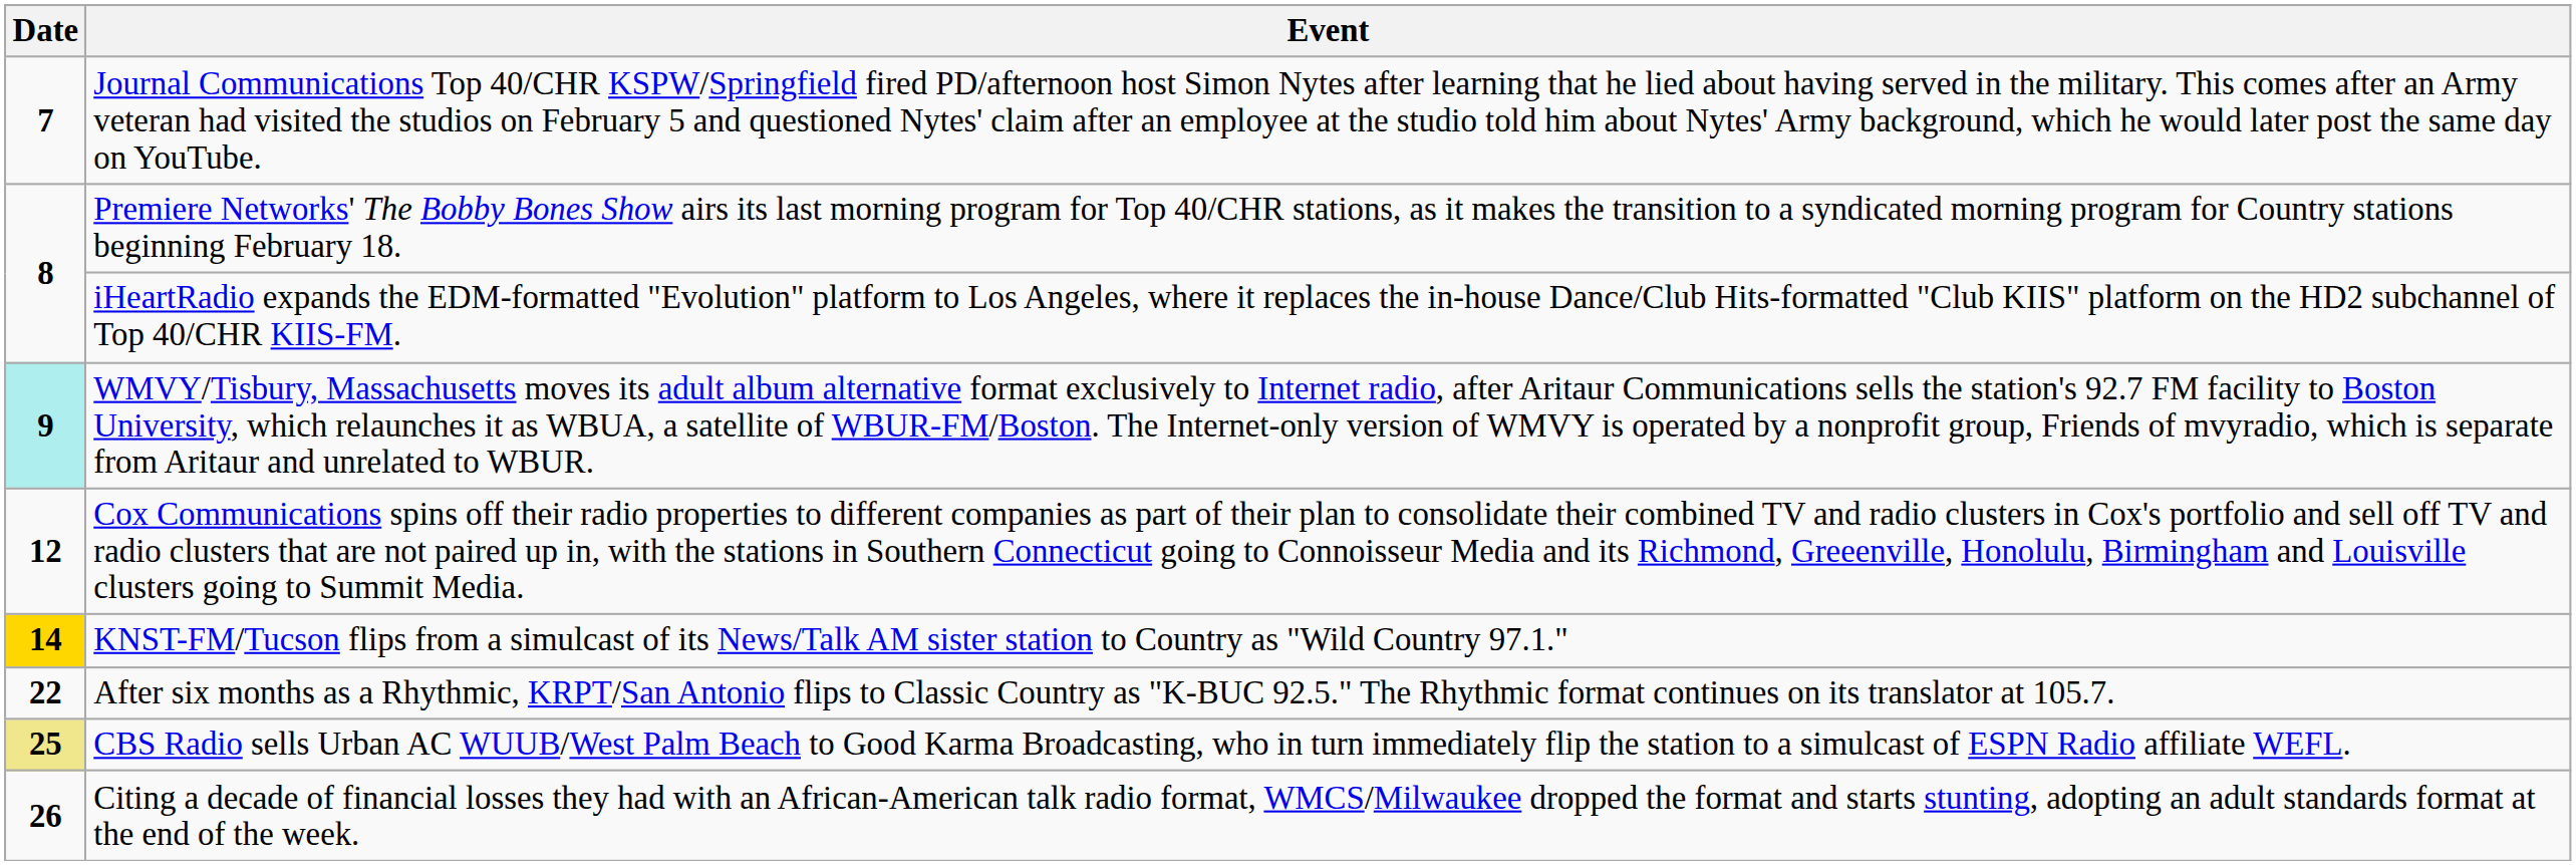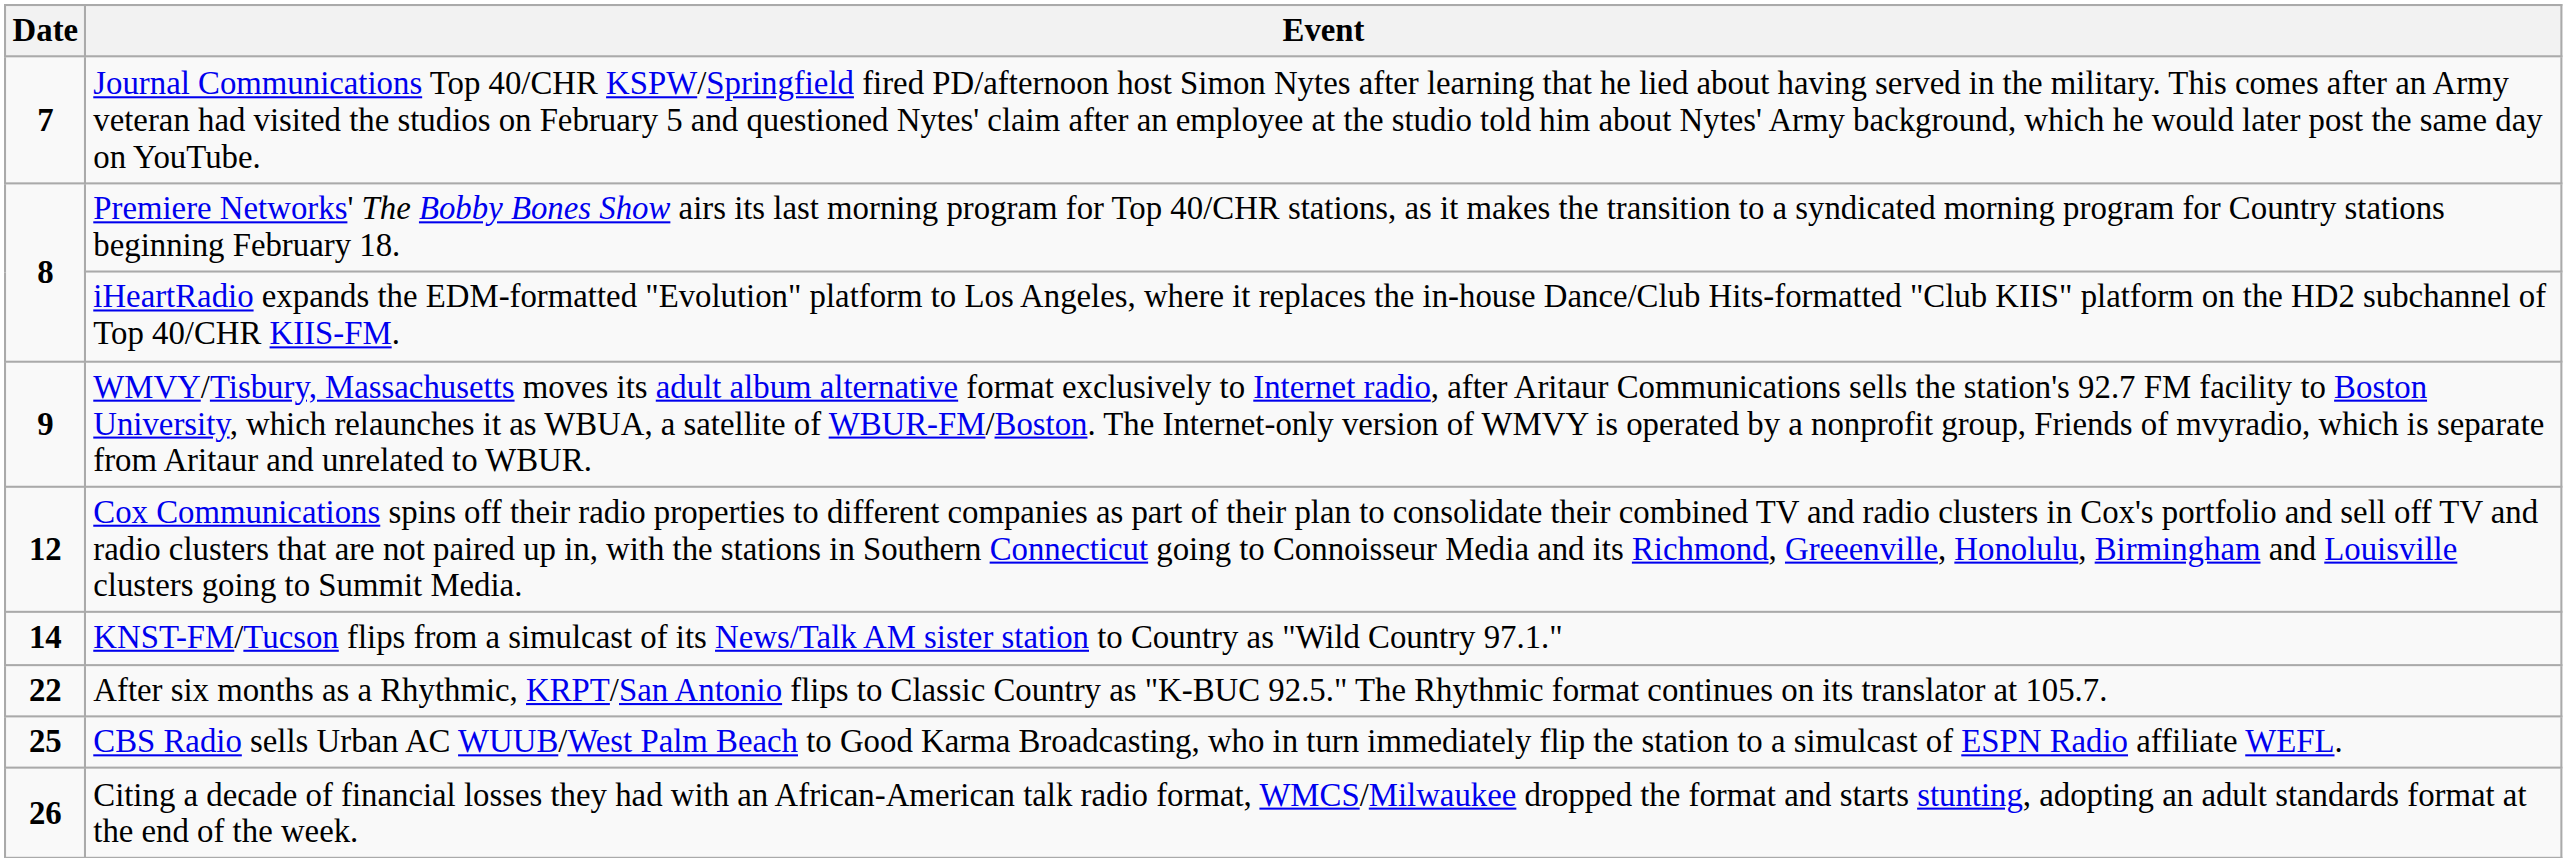 <table class="wikitable">
 <tr>
 <th>Date</th>
 <th>Event</th>
 </tr>
 <tr>
 <td style="text-align:center;"><strong>7</strong></td>
 <td><a href='#'>Journal Communications</a> Top 40/CHR <a href='#'>KSPW</a>/<a href='#'>Springfield</a> fired PD/afternoon host Simon Nytes after learning that he lied about having served in the military. This comes after an Army veteran had visited the studios on February 5 and questioned Nytes' claim after an employee at the studio told him about Nytes' Army background, which he would later post the same day on YouTube.</td>
 </tr>
 <tr>
 <td style="text-align:center;" rowspan=2><strong>8</strong></td>
 <td><a href='#'>Premiere Networks</a>' <em>The <a href='#'>Bobby Bones Show</a></em> airs its last morning program for Top 40/CHR stations, as it makes the transition to a syndicated morning program for Country stations beginning February 18.</td>
 </tr>
 <tr>
 <td><a href='#'>iHeartRadio</a> expands the EDM-formatted "Evolution" platform to Los Angeles, where it replaces the in-house Dance/Club Hits-formatted "Club KIIS" platform on the HD2 subchannel of Top 40/CHR <a href='#'>KIIS-FM</a>.</td>
 </tr>
 <tr>
-<td style="background: paleturquoise; text-align:center;"><strong>9</strong></td>
+<td style="text-align:center;"><strong>9</strong></td>
 <td><a href='#'>WMVY</a>/<a href='#'>Tisbury, Massachusetts</a> moves its <a href='#'>adult album alternative</a> format exclusively to <a href='#'>Internet radio</a>, after Aritaur Communications sells the station's 92.7 FM facility to <a href='#'>Boston University</a>, which relaunches it as WBUA, a satellite of <a href='#'>WBUR-FM</a>/<a href='#'>Boston</a>. The Internet-only version of WMVY is operated by a nonprofit group, Friends of mvyradio, which is separate from Aritaur and unrelated to WBUR.</td>
 </tr>
 <tr>
 <td style="text-align:center;"><strong>12</strong></td>
 <td><a href='#'>Cox Communications</a> spins off their radio properties to different companies as part of their plan to consolidate their combined TV and radio clusters in Cox's portfolio and sell off TV and radio clusters that are not paired up in, with the stations in Southern <a href='#'>Connecticut</a> going to Connoisseur Media and its <a href='#'>Richmond</a>, <a href='#'>Greeenville</a>, <a href='#'>Honolulu</a>, <a href='#'>Birmingham</a> and <a href='#'>Louisville</a> clusters going to Summit Media.</td>
 </tr>
 <tr>
-<td style="background: gold; text-align:center;"><strong>14</strong></td>
+<td style="text-align:center;"><strong>14</strong></td>
 <td><a href='#'>KNST-FM</a>/<a href='#'>Tucson</a> flips from a simulcast of its <a href='#'>News/Talk AM sister station</a> to Country as "Wild Country 97.1."</td>
 </tr>
 <tr>
 <td style="text-align:center;"><strong>22</strong></td>
 <td>After six months as a Rhythmic, <a href='#'>KRPT</a>/<a href='#'>San Antonio</a> flips to Classic Country as "K-BUC 92.5." The Rhythmic format continues on its translator at 105.7.</td>
 </tr>
 <tr>
-<td style="background: khaki; text-align:center;"><strong>25</strong></td>
+<td style="text-align:center;"><strong>25</strong></td>
 <td><a href='#'>CBS Radio</a> sells Urban AC <a href='#'>WUUB</a>/<a href='#'>West Palm Beach</a> to Good Karma Broadcasting, who in turn immediately flip the station to a simulcast of <a href='#'>ESPN Radio</a> affiliate <a href='#'>WEFL</a>.</td>
 </tr>
 <tr>
 <td style="text-align:center;"><strong>26</strong></td>
 <td>Citing a decade of financial losses they had with an African-American talk radio format, <a href='#'>WMCS</a>/<a href='#'>Milwaukee</a> dropped the format and starts <a href='#'>stunting</a>, adopting an adult standards format at the end of the week.</td>
 </tr>
 </table>
